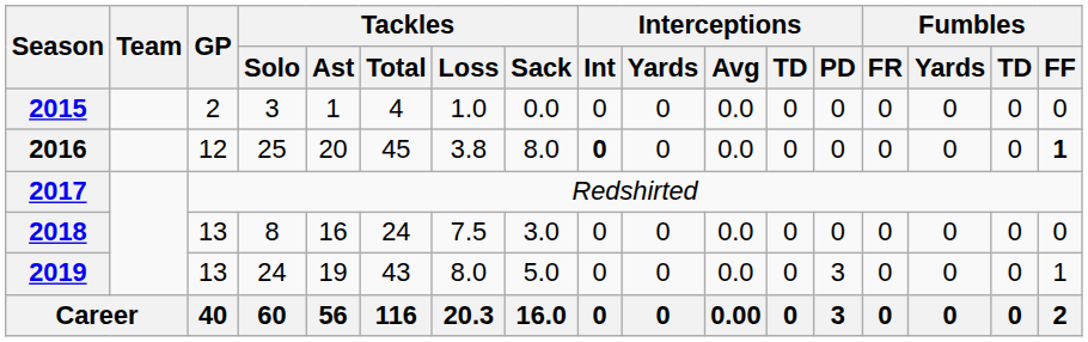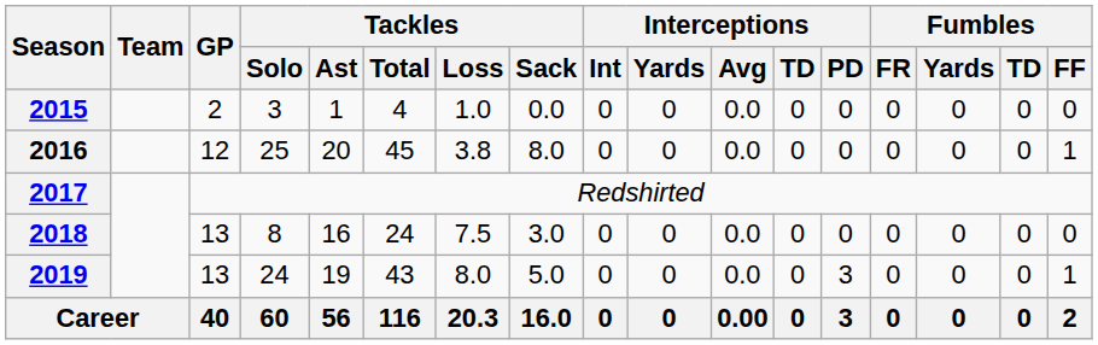 <table class="wikitable" style="text-align:center;">
 <tr>
 <th rowspan="2">Season</th>
 <th rowspan="2">Team</th>
 <th rowspan="2">GP</th>
 <th scope="col" colspan="5">Tackles</th>
 <th scope="col" colspan="5">Interceptions</th>
 <th scope="col" colspan="4">Fumbles</th>
 </tr>
 <tr>
 <th>Solo</th>
 <th>Ast</th>
 <th>Total</th>
 <th>Loss</th>
 <th>Sack</th>
 <th>Int</th>
 <th>Yards</th>
 <th>Avg</th>
 <th>TD</th>
 <th>PD</th>
 <th>FR</th>
 <th>Yards</th>
 <th>TD</th>
 <th>FF</th>
 </tr>
 <tr>
 <th><a href='#'>2015</a></th>
 <td style=></td>
 <td>2</td>
 <td>3</td>
 <td>1</td>
 <td>4</td>
 <td>1.0</td>
 <td>0.0</td>
 <td>0</td>
 <td>0</td>
 <td>0.0</td>
 <td>0</td>
 <td>0</td>
 <td>0</td>
 <td>0</td>
 <td>0</td>
 <td>0</td>
 </tr>
 <tr>
 <th>2016</th>
 <td style=></td>
 <td>12</td>
 <td>25</td>
 <td>20</td>
 <td>45</td>
 <td>3.8</td>
 <td>8.0</td>
-<td><strong>0</strong></td>
+<td>0</td>
 <td>0</td>
 <td>0.0</td>
 <td>0</td>
 <td>0</td>
 <td>0</td>
 <td>0</td>
 <td>0</td>
-<td><strong>1</strong></td>
+<td>1</td>
 </tr>
 <tr>
 <th><a href='#'>2017</a></th>
 <td rowspan="3" style=></td>
 <td colspan="15"> <em>Redshirted</em></td>
 </tr>
 <tr>
 <th><a href='#'>2018</a></th>
 <td>13</td>
 <td>8</td>
 <td>16</td>
 <td>24</td>
 <td>7.5</td>
 <td>3.0</td>
 <td>0</td>
 <td>0</td>
 <td>0.0</td>
 <td>0</td>
 <td>0</td>
 <td>0</td>
 <td>0</td>
 <td>0</td>
 <td>0</td>
 </tr>
 <tr>
 <th><a href='#'>2019</a></th>
 <td>13</td>
 <td>24</td>
 <td>19</td>
 <td>43</td>
 <td>8.0</td>
 <td>5.0</td>
 <td>0</td>
 <td>0</td>
 <td>0.0</td>
 <td>0</td>
 <td>3</td>
 <td>0</td>
 <td>0</td>
 <td>0</td>
 <td>1</td>
 </tr>
 <tr>
 <th colspan="2">Career</th>
 <th>40</th>
 <th>60</th>
 <th>56</th>
 <th>116</th>
 <th>20.3</th>
 <th>16.0</th>
 <th>0</th>
 <th>0</th>
 <th>0.00</th>
 <th>0</th>
 <th>3</th>
 <th>0</th>
 <th>0</th>
 <th>0</th>
 <th>2</th>
 </tr>
 </table>
